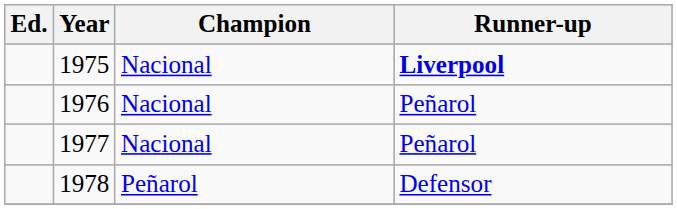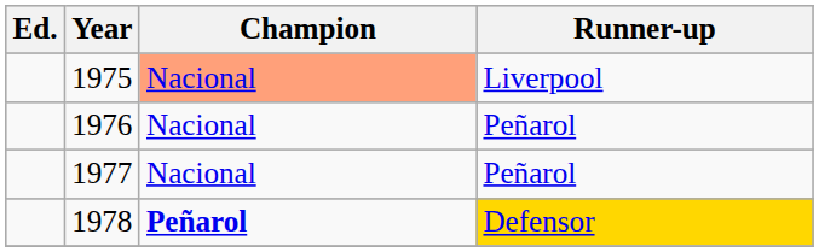 <table class="wikitable sortable" style="text-align:left">
 <tr>
 <th width=px>Ed.</th>
 <th width=>Year</th>
 <th width=170px>Champion</th>
 <th width=170px>Runner-up</th>
 </tr>
 <tr>
 <td></td>
 <td>1975</td>
-<td><a href='#'>Nacional</a></td>
-<td><strong><a href='#'>Liverpool</a></strong></td>
+<td style="background: lightsalmon;"><a href='#'>Nacional</a></td>
+<td><a href='#'>Liverpool</a></td>
 </tr>
 <tr>
 <td></td>
 <td>1976</td>
 <td><a href='#'>Nacional</a></td>
 <td><a href='#'>Peñarol</a></td>
 </tr>
 <tr>
 <td></td>
 <td>1977</td>
 <td><a href='#'>Nacional</a></td>
 <td><a href='#'>Peñarol</a></td>
 </tr>
 <tr>
 <td></td>
 <td>1978</td>
-<td><a href='#'>Peñarol</a></td>
-<td><a href='#'>Defensor</a></td>
+<td><strong><a href='#'>Peñarol</a></strong></td>
+<td style="background: gold;"><a href='#'>Defensor</a></td>
 </tr>
 <tr>
 </tr>
 </table>
